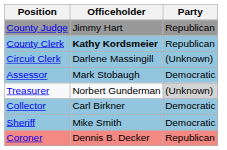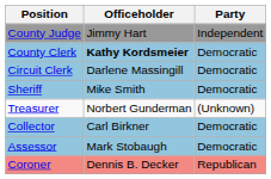 <table class="wikitable mw-collapsible">
 <tr>
 <th>Position</th>
 <th>Officeholder</th>
 <th>Party</th>
 </tr>
 <tr style="background-color: #999999;">
 <td><a href='#'>County Judge</a></td>
 <td>Jimmy Hart</td>
-<td>Republican</td>
+<td>Independent</td>
 </tr>
 <tr style="background-color: #92C5DE;">
 <td><a href='#'>County Clerk</a></td>
 <td><strong>Kathy Kordsmeier</strong></td>
-<td>Republican</td>
+<td>Democratic</td>
 </tr>
 <tr style="background-color: #92C5DE;">
 <td><a href='#'>Circuit Clerk</a></td>
 <td>Darlene Massingill</td>
-<td>(Unknown)</td>
+<td>Democratic</td>
 </tr>
 <tr style="background-color: #92C5DE;">
-<td><a href='#'>Assessor</a></td>
-<td>Mark Stobaugh</td>
+<td><a href='#'>Sheriff</a></td>
+<td>Mike Smith</td>
 <td>Democratic</td>
 </tr>
 <tr>
 <td><a href='#'>Treasurer</a></td>
 <td>Norbert Gunderman</td>
-<td style="background: lightgrey;">(Unknown)</td>
+<td>(Unknown)</td>
 </tr>
 <tr style="background-color: #92C5DE;">
 <td><a href='#'>Collector</a></td>
 <td>Carl Birkner</td>
 <td>Democratic</td>
 </tr>
 <tr style="background-color: #92C5DE;">
-<td><a href='#'>Sheriff</a></td>
-<td>Mike Smith</td>
+<td><a href='#'>Assessor</a></td>
+<td>Mark Stobaugh</td>
 <td>Democratic</td>
 </tr>
 <tr style="background-color: #F48882;">
 <td><a href='#'>Coroner</a></td>
 <td>Dennis B. Decker</td>
 <td>Republican</td>
 </tr>
 </table>
